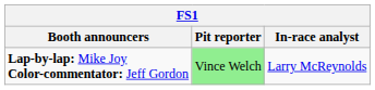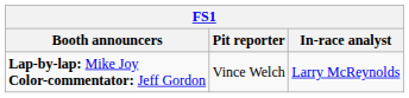 <table class="wikitable" style="font-size: 95%">
 <tr>
 <th colspan="3"><a href='#'>FS1</a></th>
 </tr>
 <tr>
 <th>Booth announcers</th>
 <th>Pit reporter</th>
 <th>In-race analyst</th>
 </tr>
 <tr>
 <td><strong>Lap-by-lap:</strong> <a href='#'>Mike Joy</a><br><strong>Color-commentator:</strong> <a href='#'>Jeff Gordon</a></td>
-<td style="background: lightgreen;">Vince Welch</td>
+<td>Vince Welch</td>
 <td><a href='#'>Larry McReynolds</a></td>
 </tr>
 </table>
